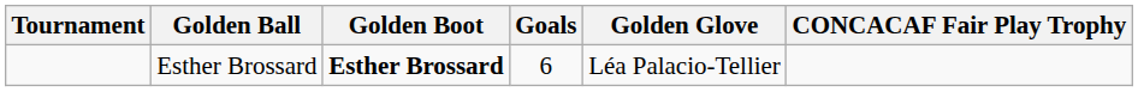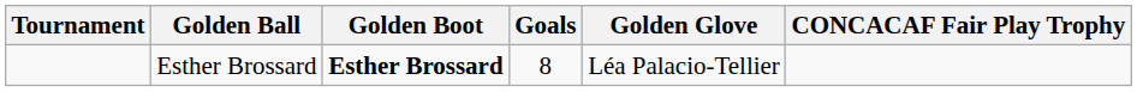 <table class="wikitable">
 <tr>
 <th>Tournament</th>
 <th>Golden Ball</th>
 <th>Golden Boot</th>
 <th>Goals</th>
 <th>Golden Glove</th>
 <th>CONCACAF Fair Play Trophy</th>
 </tr>
 <tr>
 <td></td>
 <td> Esther Brossard</td>
 <td><strong> Esther Brossard</strong></td>
-<td align=center>6</td>
+<td align=center>8</td>
 <td> Léa Palacio-Tellier</td>
 <td></td>
 </tr>
 </table>
